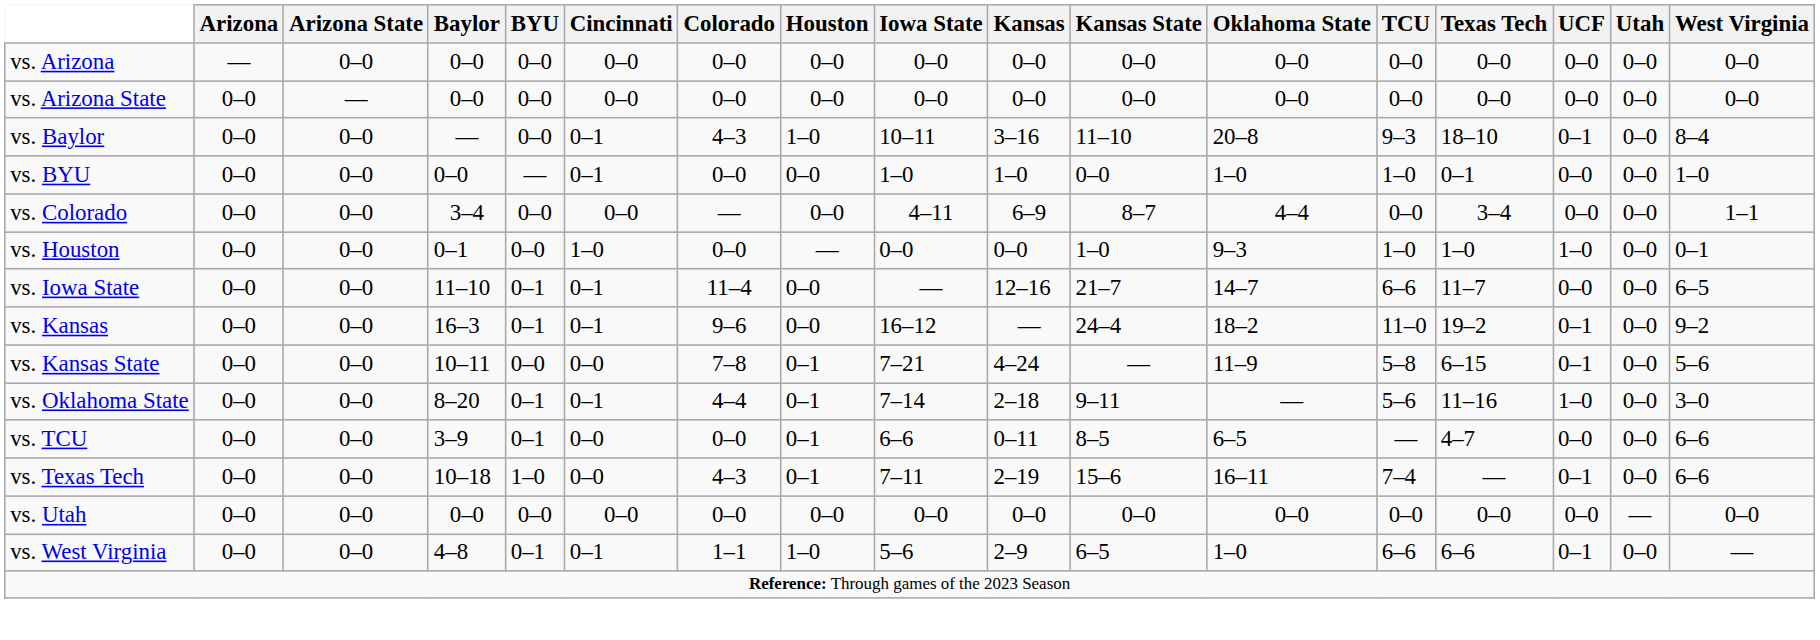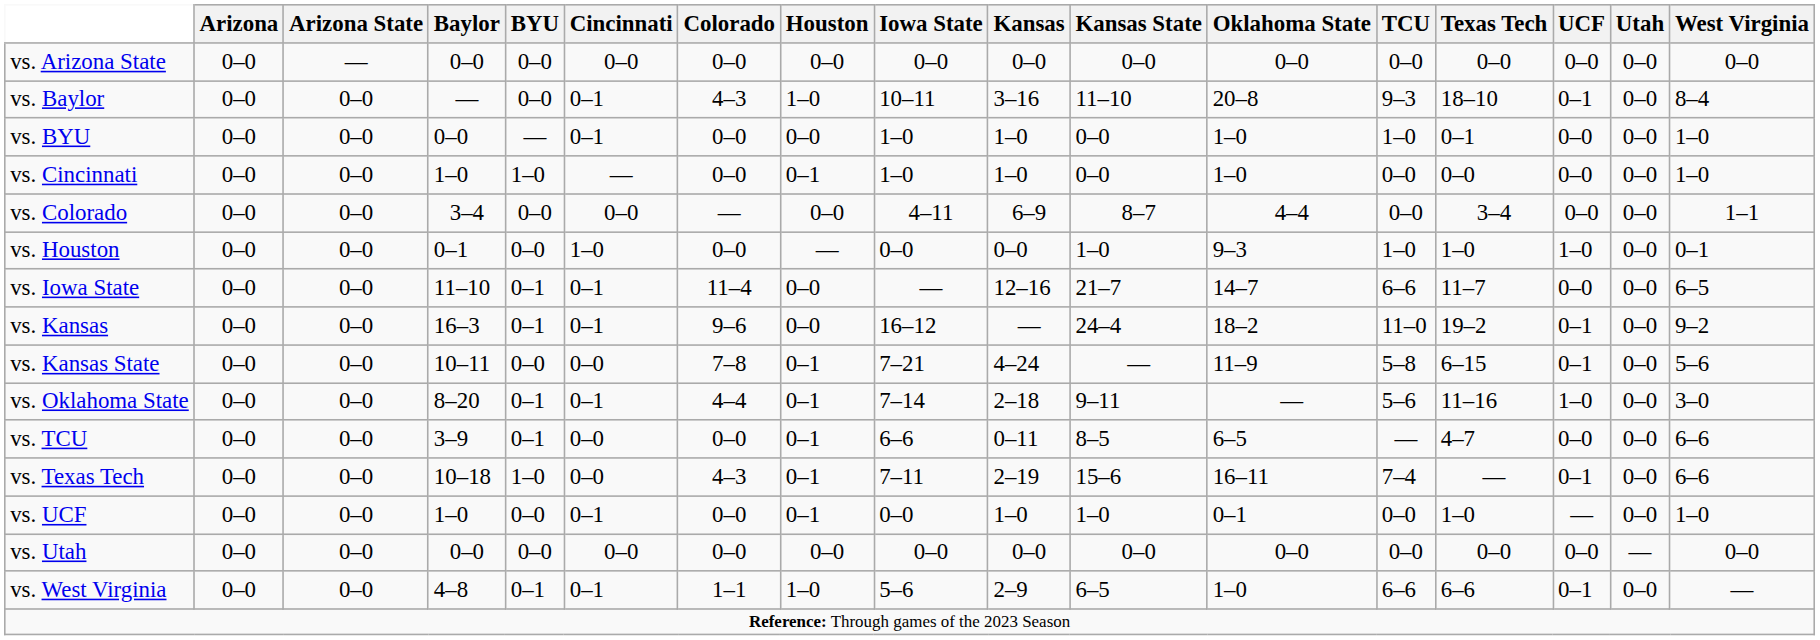 <table class="wikitable" style="white-space:nowrap; font-size:90%">
 <tr>
 <th colspan=1 style="background:white; border-top-style:hidden; border-left-style:hidden;"   width=75> </th>
 <th>Arizona</th>
 <th>Arizona State</th>
 <th>Baylor</th>
 <th>BYU</th>
 <th>Cincinnati</th>
 <th>Colorado</th>
 <th>Houston</th>
 <th>Iowa State</th>
 <th>Kansas</th>
 <th>Kansas State</th>
 <th>Oklahoma State</th>
 <th>TCU</th>
 <th>Texas Tech</th>
 <th>UCF</th>
 <th>Utah</th>
 <th>West Virginia</th>
-</tr>
-<tr>
-<td>vs. <a href='#'>Arizona</a></td>
-<td style="text-align: center;">—</td>
-<td style="text-align: center;">0–0</td>
-<td style="text-align: center;">0–0</td>
-<td style="text-align: center;">0–0</td>
-<td style="text-align: center;">0–0</td>
-<td style="text-align: center;">0–0</td>
-<td style="text-align: center;">0–0</td>
-<td style="text-align: center;">0–0</td>
-<td style="text-align: center;">0–0</td>
-<td style="text-align: center;">0–0</td>
-<td style="text-align: center;">0–0</td>
-<td style="text-align: center;">0–0</td>
-<td style="text-align: center;">0–0</td>
-<td style="text-align: center;">0–0</td>
-<td style="text-align: center;">0–0</td>
-<td style="text-align: center;">0–0</td>
 </tr>
 <tr>
 <td>vs. <a href='#'>Arizona State</a></td>
 <td style="text-align: center;">0–0</td>
 <td style="text-align: center;">—</td>
 <td style="text-align: center;">0–0</td>
 <td style="text-align: center;">0–0</td>
 <td style="text-align: center;">0–0</td>
 <td style="text-align: center;">0–0</td>
 <td style="text-align: center;">0–0</td>
 <td style="text-align: center;">0–0</td>
 <td style="text-align: center;">0–0</td>
 <td style="text-align: center;">0–0</td>
 <td style="text-align: center;">0–0</td>
 <td style="text-align: center;">0–0</td>
 <td style="text-align: center;">0–0</td>
 <td style="text-align: center;">0–0</td>
 <td style="text-align: center;">0–0</td>
 <td style="text-align: center;">0–0</td>
 </tr>
 <tr>
 <td>vs. <a href='#'>Baylor</a></td>
 <td style="text-align: center;">0–0</td>
 <td style="text-align: center;">0–0</td>
 <td style="text-align: center;">—</td>
 <td style="text-align: center;">0–0</td>
 <td style="text–align: center;">0–1</td>
 <td style="text-align: center;">4–3</td>
 <td style="text–align: center;">1–0</td>
 <td style="text–align: center;">10–11</td>
 <td style="text–align: center;">3–16</td>
 <td style="text–align: center;">11–10</td>
 <td style="text–align: center;">20–8</td>
 <td style="text–align: center;">9–3</td>
 <td style="text–align: center;">18–10</td>
 <td style="text–align: center;">0–1</td>
 <td style="text-align: center;">0–0</td>
 <td style="text–align: center;">8–4</td>
 </tr>
 <tr>
 <td>vs. <a href='#'>BYU</a></td>
 <td style="text-align: center;">0–0</td>
 <td style="text-align: center;">0–0</td>
 <td style="text–align: center;">0–0</td>
 <td style="text-align: center;">—</td>
 <td style="text–align: center;">0–1</td>
 <td style="text-align: center;">0–0</td>
 <td style="text–align: center;">0–0</td>
 <td style="text–align: center;">1–0</td>
 <td style="text–align: center;">1–0</td>
 <td style="text–align: center;">0–0</td>
 <td style="text–align: center;">1–0</td>
 <td style="text–align: center;">1–0</td>
 <td style="text–align: center;">0–1</td>
+<td style="text–align: center;">0–0</td>
+<td style="text-align: center;">0–0</td>
+<td style="text–align: center;">1–0</td>
+</tr>
+<tr>
+<td>vs. <a href='#'>Cincinnati</a></td>
+<td style="text-align: center;">0–0</td>
+<td style="text-align: center;">0–0</td>
+<td style="text–align: center;">1–0</td>
+<td style="text–align: center;">1–0</td>
+<td style="text-align: center;">—</td>
+<td style="text-align: center;">0–0</td>
+<td style="text–align: center;">0–1</td>
+<td style="text–align: center;">1–0</td>
+<td style="text–align: center;">1–0</td>
+<td style="text–align: center;">0–0</td>
+<td style="text–align: center;">1–0</td>
+<td style="text–align: center;">0–0</td>
+<td style="text–align: center;">0–0</td>
 <td style="text–align: center;">0–0</td>
 <td style="text-align: center;">0–0</td>
 <td style="text–align: center;">1–0</td>
 </tr>
 <tr>
 <td>vs. <a href='#'>Colorado</a></td>
 <td style="text-align: center;">0–0</td>
 <td style="text-align: center;">0–0</td>
 <td style="text-align: center;">3–4</td>
 <td style="text-align: center;">0–0</td>
 <td style="text-align: center;">0–0</td>
 <td style="text-align: center;">—</td>
 <td style="text-align: center;">0–0</td>
 <td style="text-align: center;">4–11</td>
 <td style="text-align: center;">6–9</td>
 <td style="text-align: center;">8–7</td>
 <td style="text-align: center;">4–4</td>
 <td style="text-align: center;">0–0</td>
 <td style="text-align: center;">3–4</td>
 <td style="text-align: center;">0–0</td>
 <td style="text-align: center;">0–0</td>
 <td style="text-align: center;">1–1</td>
 </tr>
 <tr>
 <td>vs. <a href='#'>Houston</a></td>
 <td style="text-align: center;">0–0</td>
 <td style="text-align: center;">0–0</td>
 <td style="text–align: center;">0–1</td>
 <td style="text–align: center;">0–0</td>
 <td style="text–align: center;">1–0</td>
 <td style="text-align: center;">0–0</td>
 <td style="text-align: center;">—</td>
 <td style="text–align: center;">0–0</td>
 <td style="text–align: center;">0–0</td>
 <td style="text–align: center;">1–0</td>
 <td style="text–align: center;">9–3</td>
 <td style="text–align: center;">1–0</td>
 <td style="text–align: center;">1–0</td>
 <td style="text–align: center;">1–0</td>
 <td style="text-align: center;">0–0</td>
 <td style="text–align: center;">0–1</td>
 </tr>
 <tr>
 <td>vs. <a href='#'>Iowa State</a></td>
 <td style="text-align: center;">0–0</td>
 <td style="text-align: center;">0–0</td>
 <td style="text–align: center;">11–10</td>
 <td style="text–align: center;">0–1</td>
 <td style="text–align: center;">0–1</td>
 <td style="text-align: center;">11–4</td>
 <td style="text–align: center;">0–0</td>
 <td style="text-align: center;">—</td>
 <td style="text–align: center;">12–16</td>
 <td style="text–align: center;">21–7</td>
 <td style="text–align: center;">14–7</td>
 <td style="text–align: center;">6–6</td>
 <td style="text–align: center;">11–7</td>
 <td style="text–align: center;">0–0</td>
 <td style="text-align: center;">0–0</td>
 <td style="text–align: center;">6–5</td>
 </tr>
 <tr>
 <td>vs. <a href='#'>Kansas</a></td>
 <td style="text-align: center;">0–0</td>
 <td style="text-align: center;">0–0</td>
 <td style="text–align: center;">16–3</td>
 <td style="text–align: center;">0–1</td>
 <td style="text–align: center;">0–1</td>
 <td style="text-align: center;">9–6</td>
 <td style="text–align: center;">0–0</td>
 <td style="text–align: center;">16–12</td>
 <td style="text-align: center;">—</td>
 <td style="text–align: center;">24–4</td>
 <td style="text–align: center;">18–2</td>
 <td style="text–align: center;">11–0</td>
 <td style="text–align: center;">19–2</td>
 <td style="text–align: center;">0–1</td>
 <td style="text-align: center;">0–0</td>
 <td style="text–align: center;">9–2</td>
 </tr>
 <tr>
 <td>vs. <a href='#'>Kansas State</a></td>
 <td style="text-align: center;">0–0</td>
 <td style="text-align: center;">0–0</td>
 <td style="text–align: center;">10–11</td>
 <td style="text–align: center;">0–0</td>
 <td style="text–align: center;">0–0</td>
 <td style="text-align: center;">7–8</td>
 <td style="text–align: center;">0–1</td>
 <td style="text–align: center;">7–21</td>
 <td style="text–align: center;">4–24</td>
 <td style="text-align: center;">—</td>
 <td style="text–align: center;">11–9</td>
 <td style="text–align: center;">5–8</td>
 <td style="text–align: center;">6–15</td>
 <td style="text–align: center;">0–1</td>
 <td style="text-align: center;">0–0</td>
 <td style="text–align: center;">5–6</td>
 </tr>
 <tr>
 <td>vs. <a href='#'>Oklahoma State</a></td>
 <td style="text-align: center;">0–0</td>
 <td style="text-align: center;">0–0</td>
 <td style="text–align: center;">8–20</td>
 <td style="text–align: center;">0–1</td>
 <td style="text–align: center;">0–1</td>
 <td style="text-align: center;">4–4</td>
 <td style="text–align: center;">0–1</td>
 <td style="text–align: center;">7–14</td>
 <td style="text–align: center;">2–18</td>
 <td style="text–align: center;">9–11</td>
 <td style="text-align: center;">—</td>
 <td style="text–align: center;">5–6</td>
 <td style="text–align: center;">11–16</td>
 <td style="text–align: center;">1–0</td>
 <td style="text-align: center;">0–0</td>
 <td style="text–align: center;">3–0</td>
 </tr>
 <tr>
 <td>vs. <a href='#'>TCU</a></td>
 <td style="text-align: center;">0–0</td>
 <td style="text-align: center;">0–0</td>
 <td style="text–align: center;">3–9</td>
 <td style="text–align: center;">0–1</td>
 <td style="text–align: center;">0–0</td>
 <td style="text-align: center;">0–0</td>
 <td style="text–align: center;">0–1</td>
 <td style="text–align: center;">6–6</td>
 <td style="text–align: center;">0–11</td>
 <td style="text–align: center;">8–5</td>
 <td style="text–align: center;">6–5</td>
 <td style="text-align: center;">—</td>
 <td style="text–align: center;">4–7</td>
 <td style="text–align: center;">0–0</td>
 <td style="text-align: center;">0–0</td>
 <td style="text–align: center;">6–6</td>
 </tr>
 <tr>
 <td>vs. <a href='#'>Texas Tech</a></td>
 <td style="text-align: center;">0–0</td>
 <td style="text-align: center;">0–0</td>
 <td style="text–align: center;">10–18</td>
 <td style="text–align: center;">1–0</td>
 <td style="text–align: center;">0–0</td>
 <td style="text-align: center;">4–3</td>
 <td style="text–align: center;">0–1</td>
 <td style="text–align: center;">7–11</td>
 <td style="text–align: center;">2–19</td>
 <td style="text–align: center;">15–6</td>
 <td style="text–align: center;">16–11</td>
 <td style="text–align: center;">7–4</td>
 <td style="text-align: center;">—</td>
 <td style="text–align: center;">0–1</td>
 <td style="text-align: center;">0–0</td>
 <td style="text–align: center;">6–6</td>
 </tr>
 <tr>
+<td>vs. <a href='#'>UCF</a></td>
+<td style="text-align: center;">0–0</td>
+<td style="text-align: center;">0–0</td>
+<td style="text–align: center;">1–0</td>
+<td style="text–align: center;">0–0</td>
+<td style="text–align: center;">0–1</td>
+<td style="text-align: center;">0–0</td>
+<td style="text–align: center;">0–1</td>
+<td style="text–align: center;">0–0</td>
+<td style="text–align: center;">1–0</td>
+<td style="text–align: center;">1–0</td>
+<td style="text–align: center;">0–1</td>
+<td style="text–align: center;">0–0</td>
+<td style="text–align: center;">1–0</td>
+<td style="text-align: center;">—</td>
+<td style="text-align: center;">0–0</td>
+<td style="text–align: center;">1–0</td>
+</tr>
+<tr>
 <td>vs. <a href='#'>Utah</a></td>
 <td style="text-align: center;">0–0</td>
 <td style="text-align: center;">0–0</td>
 <td style="text-align: center;">0–0</td>
 <td style="text-align: center;">0–0</td>
 <td style="text-align: center;">0–0</td>
 <td style="text-align: center;">0–0</td>
 <td style="text-align: center;">0–0</td>
 <td style="text-align: center;">0–0</td>
 <td style="text-align: center;">0–0</td>
 <td style="text-align: center;">0–0</td>
 <td style="text-align: center;">0–0</td>
 <td style="text-align: center;">0–0</td>
 <td style="text-align: center;">0–0</td>
 <td style="text-align: center;">0–0</td>
 <td style="text-align: center;">—</td>
 <td style="text-align: center;">0–0</td>
 </tr>
 <tr>
 <td>vs. <a href='#'>West Virginia</a></td>
 <td style="text-align: center;">0–0</td>
 <td style="text-align: center;">0–0</td>
 <td style="text–align: center;">4–8</td>
 <td style="text–align: center;">0–1</td>
 <td style="text–align: center;">0–1</td>
 <td style="text-align: center;">1–1</td>
 <td style="text–align: center;">1–0</td>
 <td style="text–align: center;">5–6</td>
 <td style="text–align: center;">2–9</td>
 <td style="text–align: center;">6–5</td>
 <td style="text–align: center;">1–0</td>
 <td style="text–align: center;">6–6</td>
 <td style="text–align: center;">6–6</td>
 <td style="text–align: center;">0–1</td>
 <td style="text-align: center;">0–0</td>
 <td style="text-align: center;">—</td>
 </tr>
 <tr>
 <td colspan="17" style="font-size:8pt; text-align:center;"><strong>Reference:</strong> Through games of the 2023 Season</td>
 </tr>
 </table>
